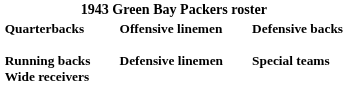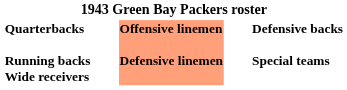 <table class="toccolours" style="text-align: left;">
 <tr>
 <th colspan="9" style="text-align:center; "><strong>1943 Green Bay Packers roster</strong></th>
 </tr>
 <tr>
 <td style="font-size: 95%;" valign="top"><strong>Quarterbacks</strong><br> <br><strong>Running backs</strong>       <br><strong>Wide receivers</strong>    </td>
 <td style="width: 25px;"></td>
-<td style="font-size: 95%;" valign="top"><strong>Offensive linemen</strong><br>       <br><strong>Defensive linemen</strong>       </td>
+<td style="background: lightsalmon; font-size: 95%;" valign="top"><strong>Offensive linemen</strong><br>       <br><strong>Defensive linemen</strong>       </td>
 <td style="width: 25px;"></td>
 <td style="font-size: 95%;" valign="top"><strong>Defensive backs</strong><br><br><strong>Special teams</strong> <br></td>
 </tr>
 <tr>
 </tr>
 </table>
